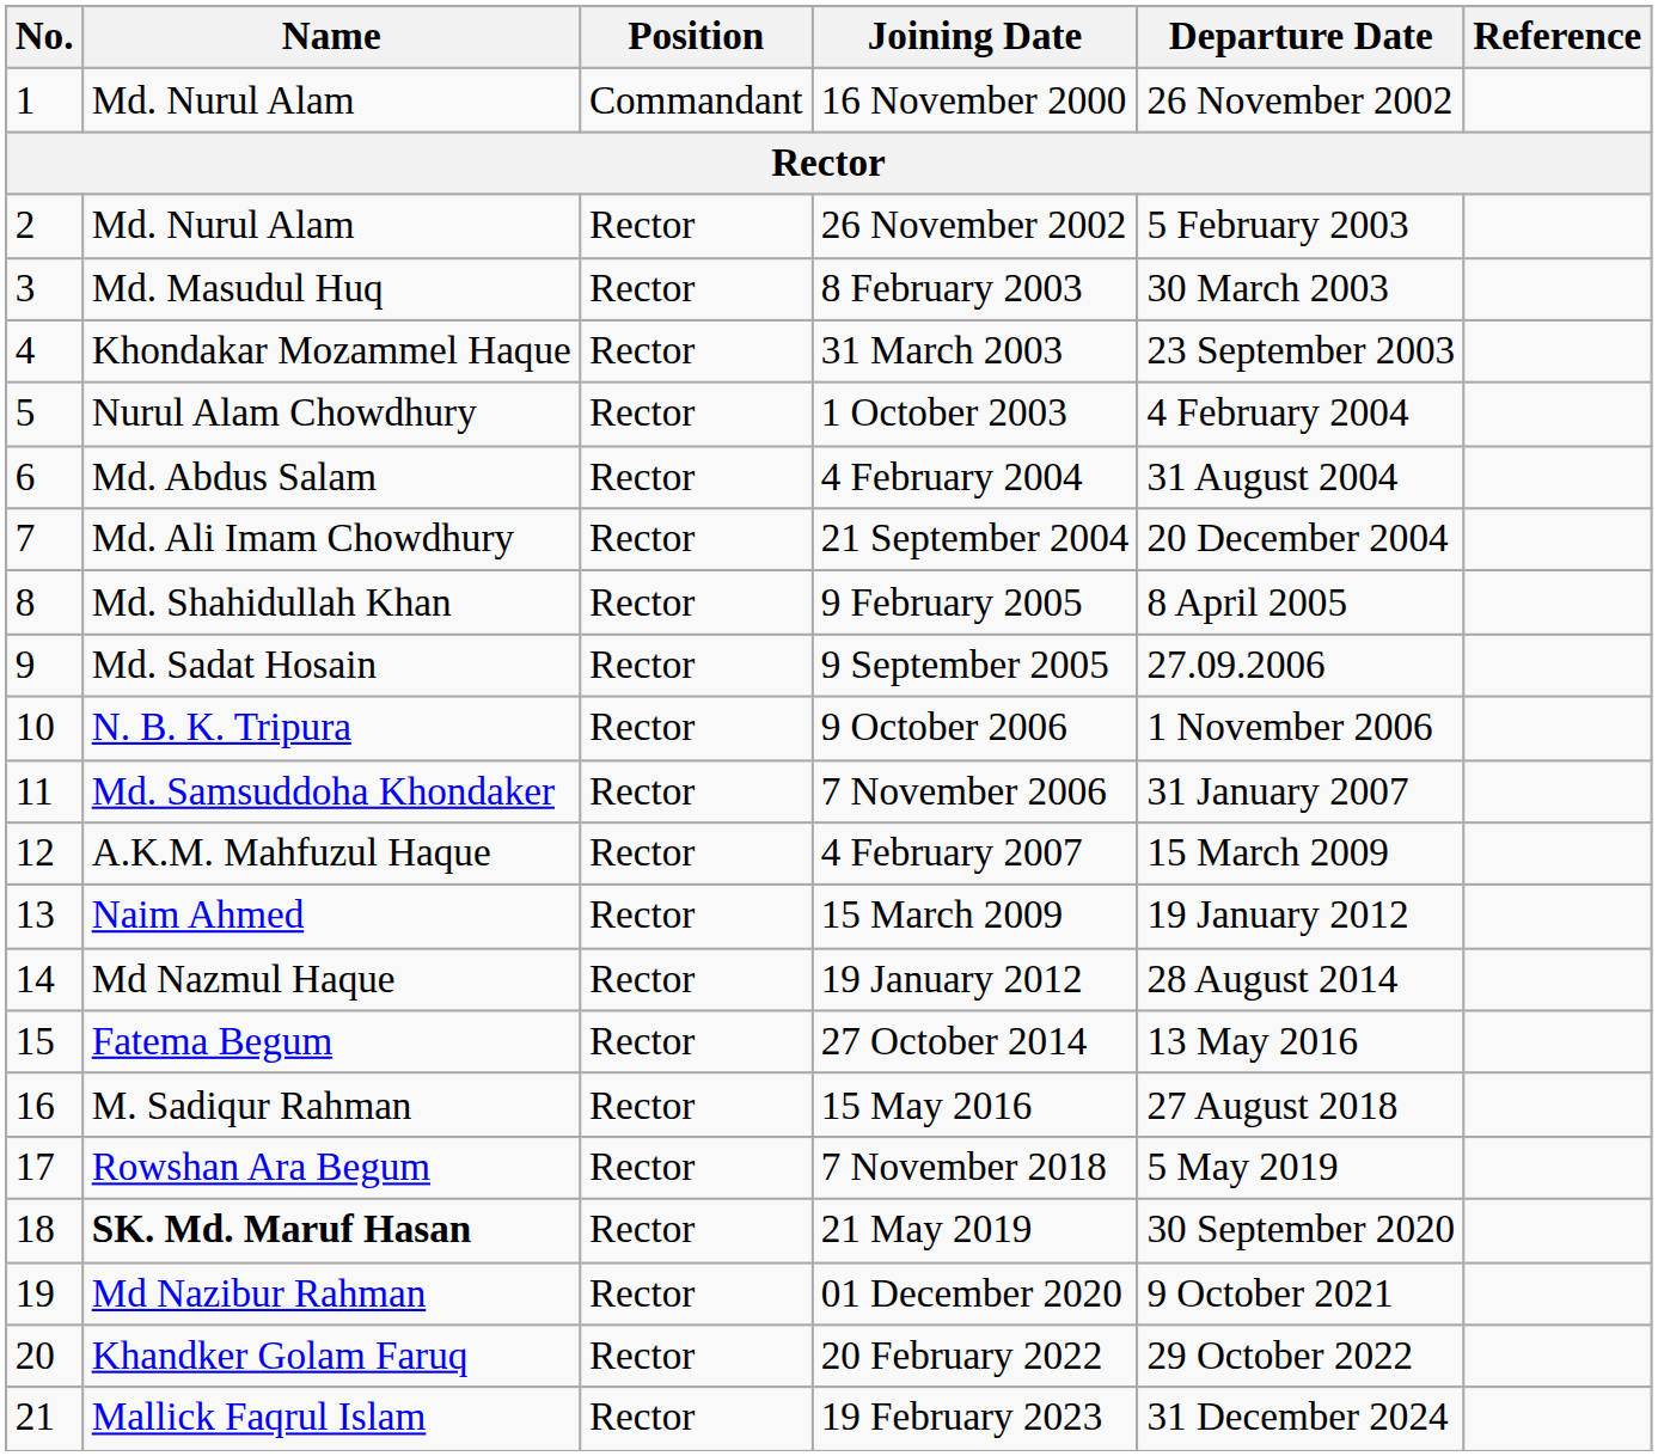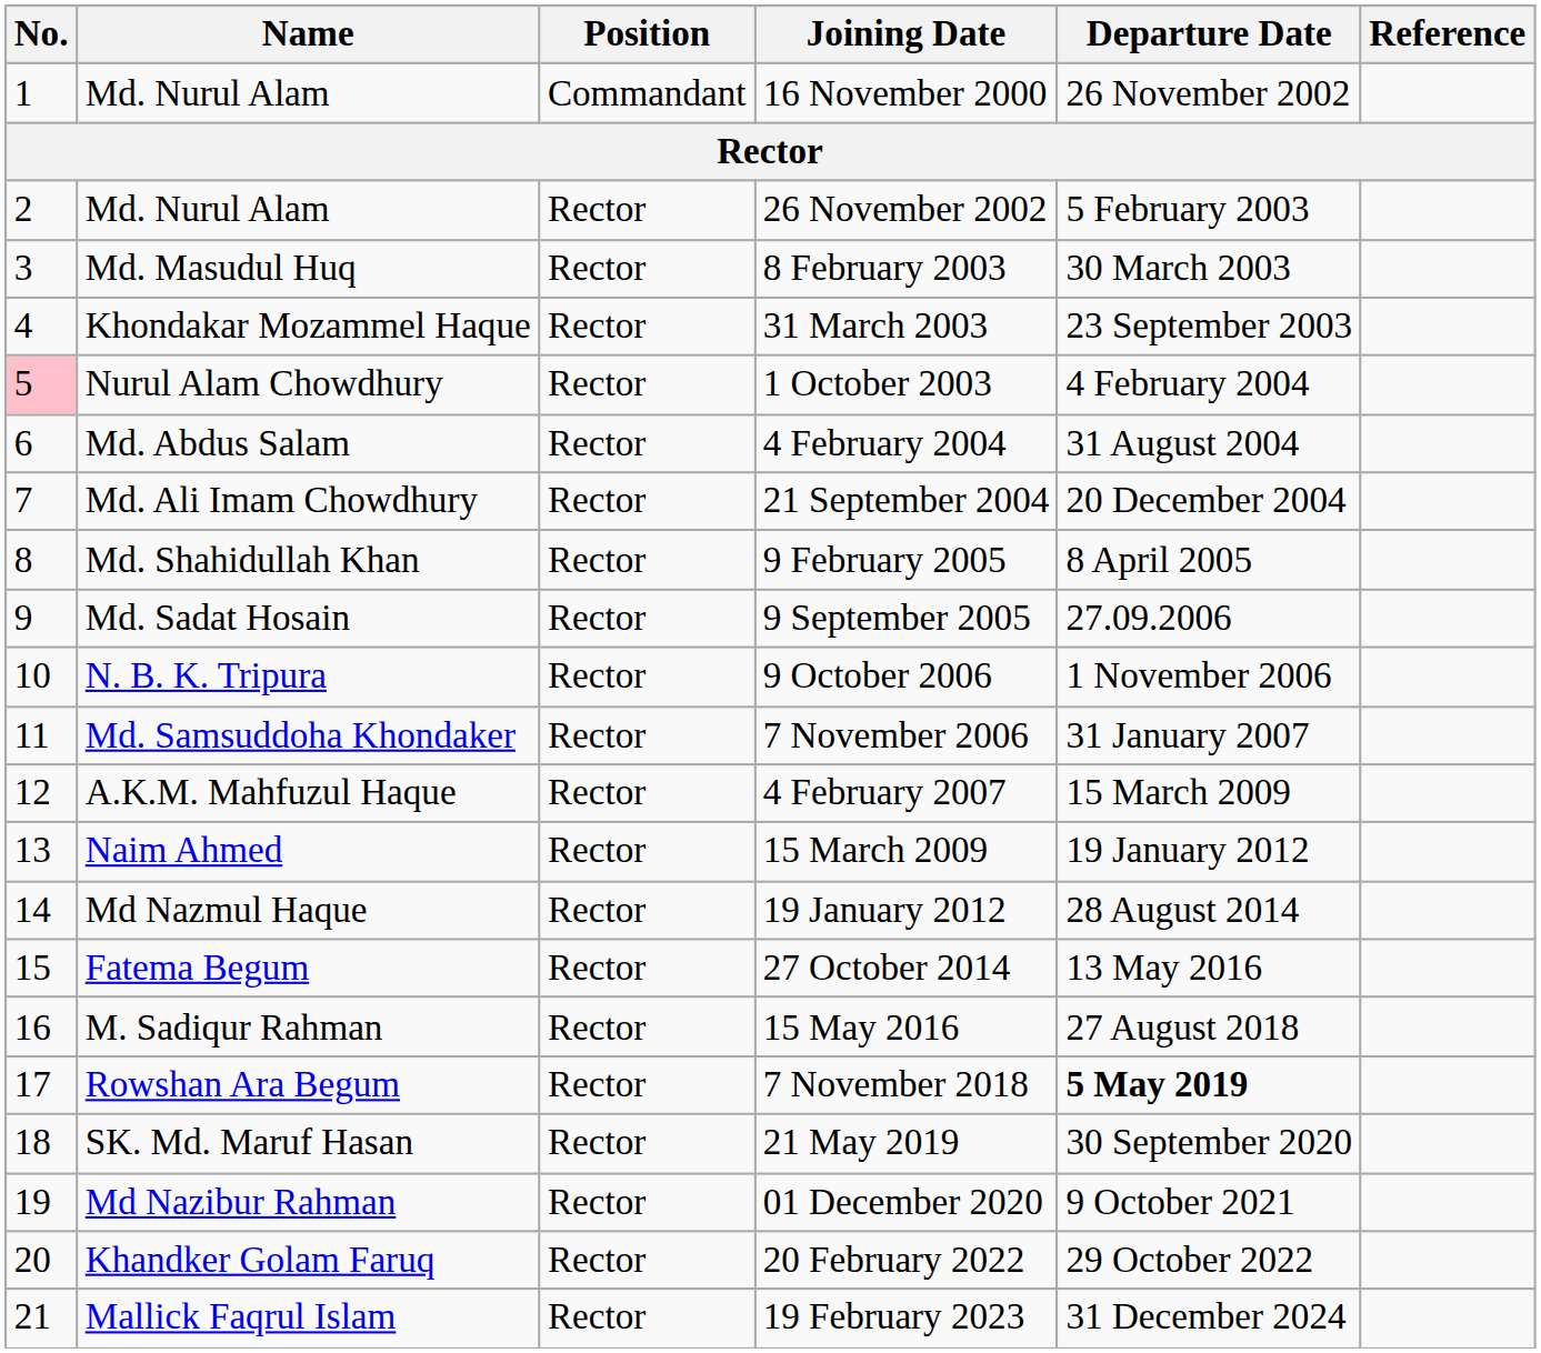 <table class="wikitable sortable">
 <tr>
 <th>No.</th>
 <th>Name</th>
 <th>Position</th>
 <th>Joining Date</th>
 <th>Departure Date</th>
 <th>Reference</th>
 </tr>
 <tr>
 <td>1</td>
 <td>Md. Nurul Alam</td>
 <td>Commandant</td>
 <td>16 November 2000</td>
 <td>26 November 2002</td>
 <td></td>
 </tr>
 <tr>
 <th colspan="6">Rector</th>
 </tr>
 <tr>
 <td>2</td>
 <td>Md. Nurul Alam</td>
 <td>Rector</td>
 <td>26 November 2002</td>
 <td>5 February 2003</td>
 <td></td>
 </tr>
 <tr>
 <td>3</td>
 <td>Md. Masudul Huq</td>
 <td>Rector</td>
 <td>8 February 2003</td>
 <td>30 March 2003</td>
 <td></td>
 </tr>
 <tr>
 <td>4</td>
 <td>Khondakar Mozammel Haque</td>
 <td>Rector</td>
 <td>31 March 2003</td>
 <td>23 September 2003</td>
 <td></td>
 </tr>
 <tr>
-<td>5</td>
+<td style="background: pink;">5</td>
 <td>Nurul Alam Chowdhury</td>
 <td>Rector</td>
 <td>1 October 2003</td>
 <td>4 February 2004</td>
 <td></td>
 </tr>
 <tr>
 <td>6</td>
 <td>Md. Abdus Salam</td>
 <td>Rector</td>
 <td>4 February 2004</td>
 <td>31 August 2004</td>
 <td></td>
 </tr>
 <tr>
 <td>7</td>
 <td>Md. Ali Imam Chowdhury</td>
 <td>Rector</td>
 <td>21 September 2004</td>
 <td>20 December 2004</td>
 <td></td>
 </tr>
 <tr>
 <td>8</td>
 <td>Md. Shahidullah Khan</td>
 <td>Rector</td>
 <td>9 February 2005</td>
 <td>8 April 2005</td>
 <td></td>
 </tr>
 <tr>
 <td>9</td>
 <td>Md. Sadat Hosain</td>
 <td>Rector</td>
 <td>9 September 2005</td>
 <td>27.09.2006</td>
 <td></td>
 </tr>
 <tr>
 <td>10</td>
 <td><a href='#'>N. B. K. Tripura</a></td>
 <td>Rector</td>
 <td>9 October 2006</td>
 <td>1 November 2006</td>
 <td></td>
 </tr>
 <tr>
 <td>11</td>
 <td><a href='#'>Md. Samsuddoha Khondaker</a></td>
 <td>Rector</td>
 <td>7 November 2006</td>
 <td>31 January 2007</td>
 <td></td>
 </tr>
 <tr>
 <td>12</td>
 <td>A.K.M. Mahfuzul Haque</td>
 <td>Rector</td>
 <td>4 February 2007</td>
 <td>15 March 2009</td>
 <td></td>
 </tr>
 <tr>
 <td>13</td>
 <td><a href='#'>Naim Ahmed</a></td>
 <td>Rector</td>
 <td>15 March 2009</td>
 <td>19 January 2012</td>
 <td></td>
 </tr>
 <tr>
 <td>14</td>
 <td>Md Nazmul Haque</td>
 <td>Rector</td>
 <td>19 January 2012</td>
 <td>28 August 2014</td>
 <td></td>
 </tr>
 <tr>
 <td>15</td>
 <td><a href='#'>Fatema Begum</a></td>
 <td>Rector</td>
 <td>27 October 2014</td>
 <td>13 May 2016</td>
 <td></td>
 </tr>
 <tr>
 <td>16</td>
 <td>M. Sadiqur Rahman</td>
 <td>Rector</td>
 <td>15 May 2016</td>
 <td>27 August 2018</td>
 <td></td>
 </tr>
 <tr>
 <td>17</td>
 <td><a href='#'>Rowshan Ara Begum</a></td>
 <td>Rector</td>
 <td>7 November 2018</td>
-<td>5 May 2019</td>
+<td><strong>5 May 2019</strong></td>
 <td></td>
 </tr>
 <tr>
 <td>18</td>
-<td><strong>SK. Md. Maruf Hasan</strong></td>
+<td>SK. Md. Maruf Hasan</td>
 <td>Rector</td>
 <td>21 May 2019</td>
 <td>30 September 2020</td>
 <td></td>
 </tr>
 <tr>
 <td>19</td>
 <td><a href='#'>Md Nazibur Rahman</a></td>
 <td>Rector</td>
 <td>01 December 2020</td>
 <td>9 October 2021</td>
 <td></td>
 </tr>
 <tr>
 <td>20</td>
 <td><a href='#'>Khandker Golam Faruq</a></td>
 <td>Rector</td>
 <td>20 February 2022</td>
 <td>29 October 2022</td>
 <td></td>
 </tr>
 <tr>
 <td>21</td>
 <td><a href='#'>Mallick Faqrul Islam</a></td>
 <td>Rector</td>
 <td>19 February 2023</td>
 <td>31 December 2024</td>
 <td></td>
 </tr>
 </table>
